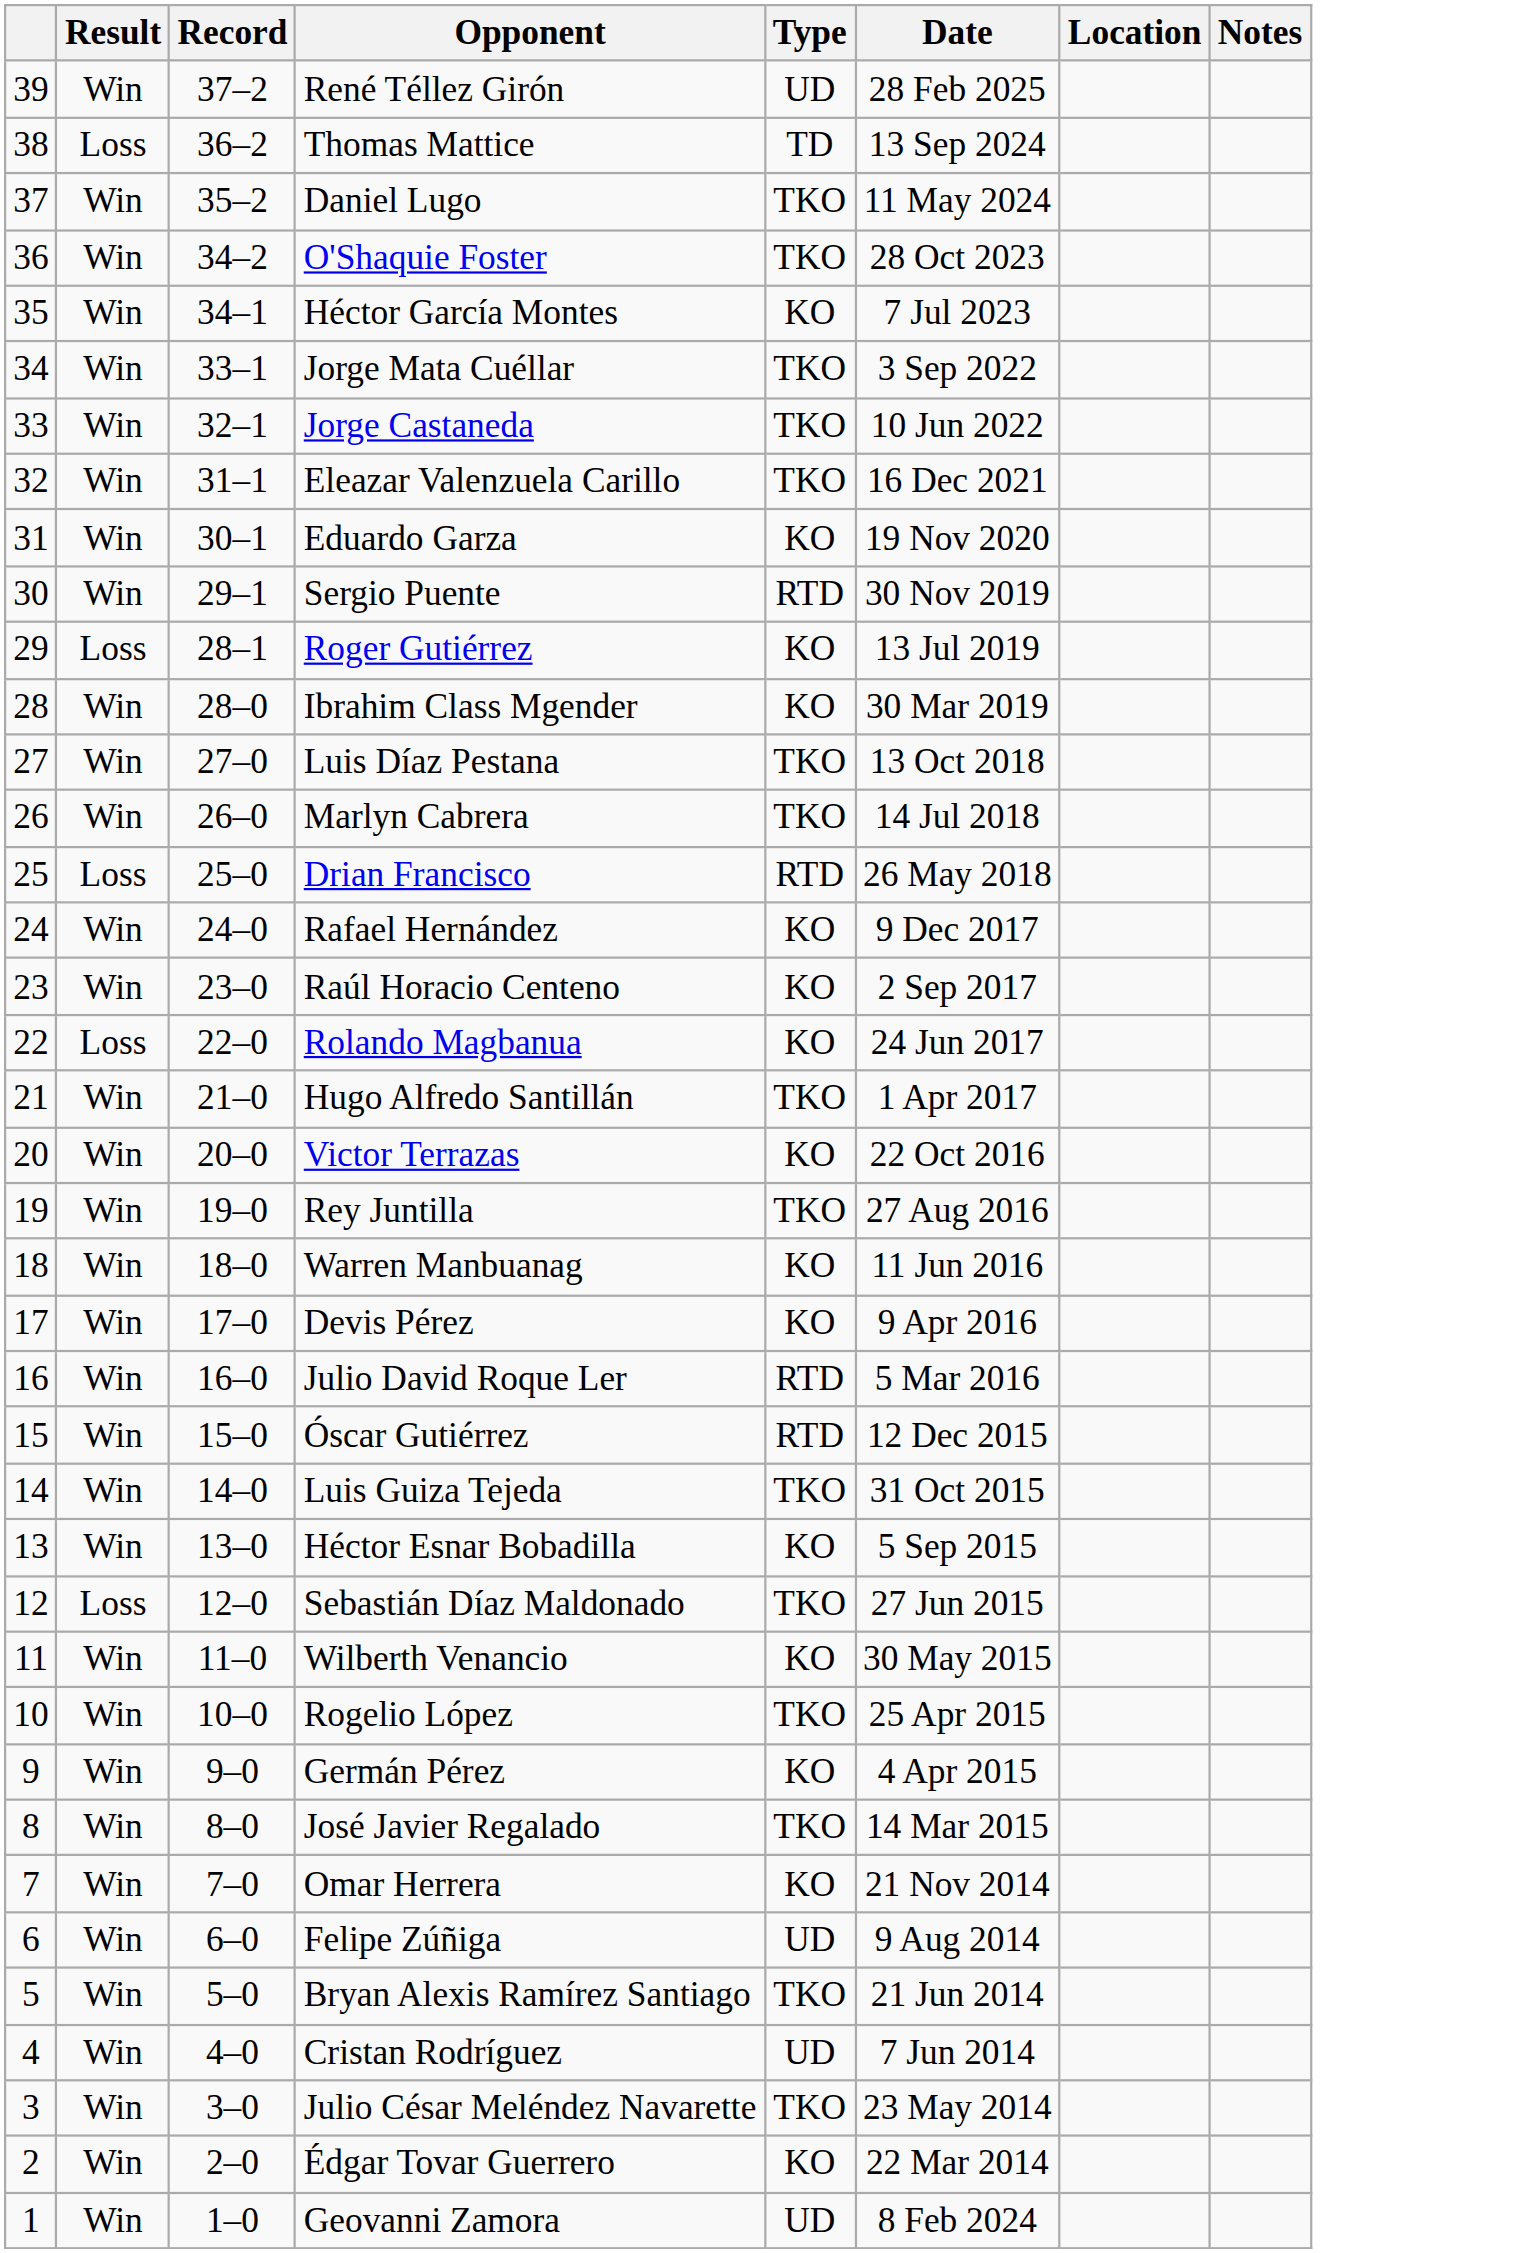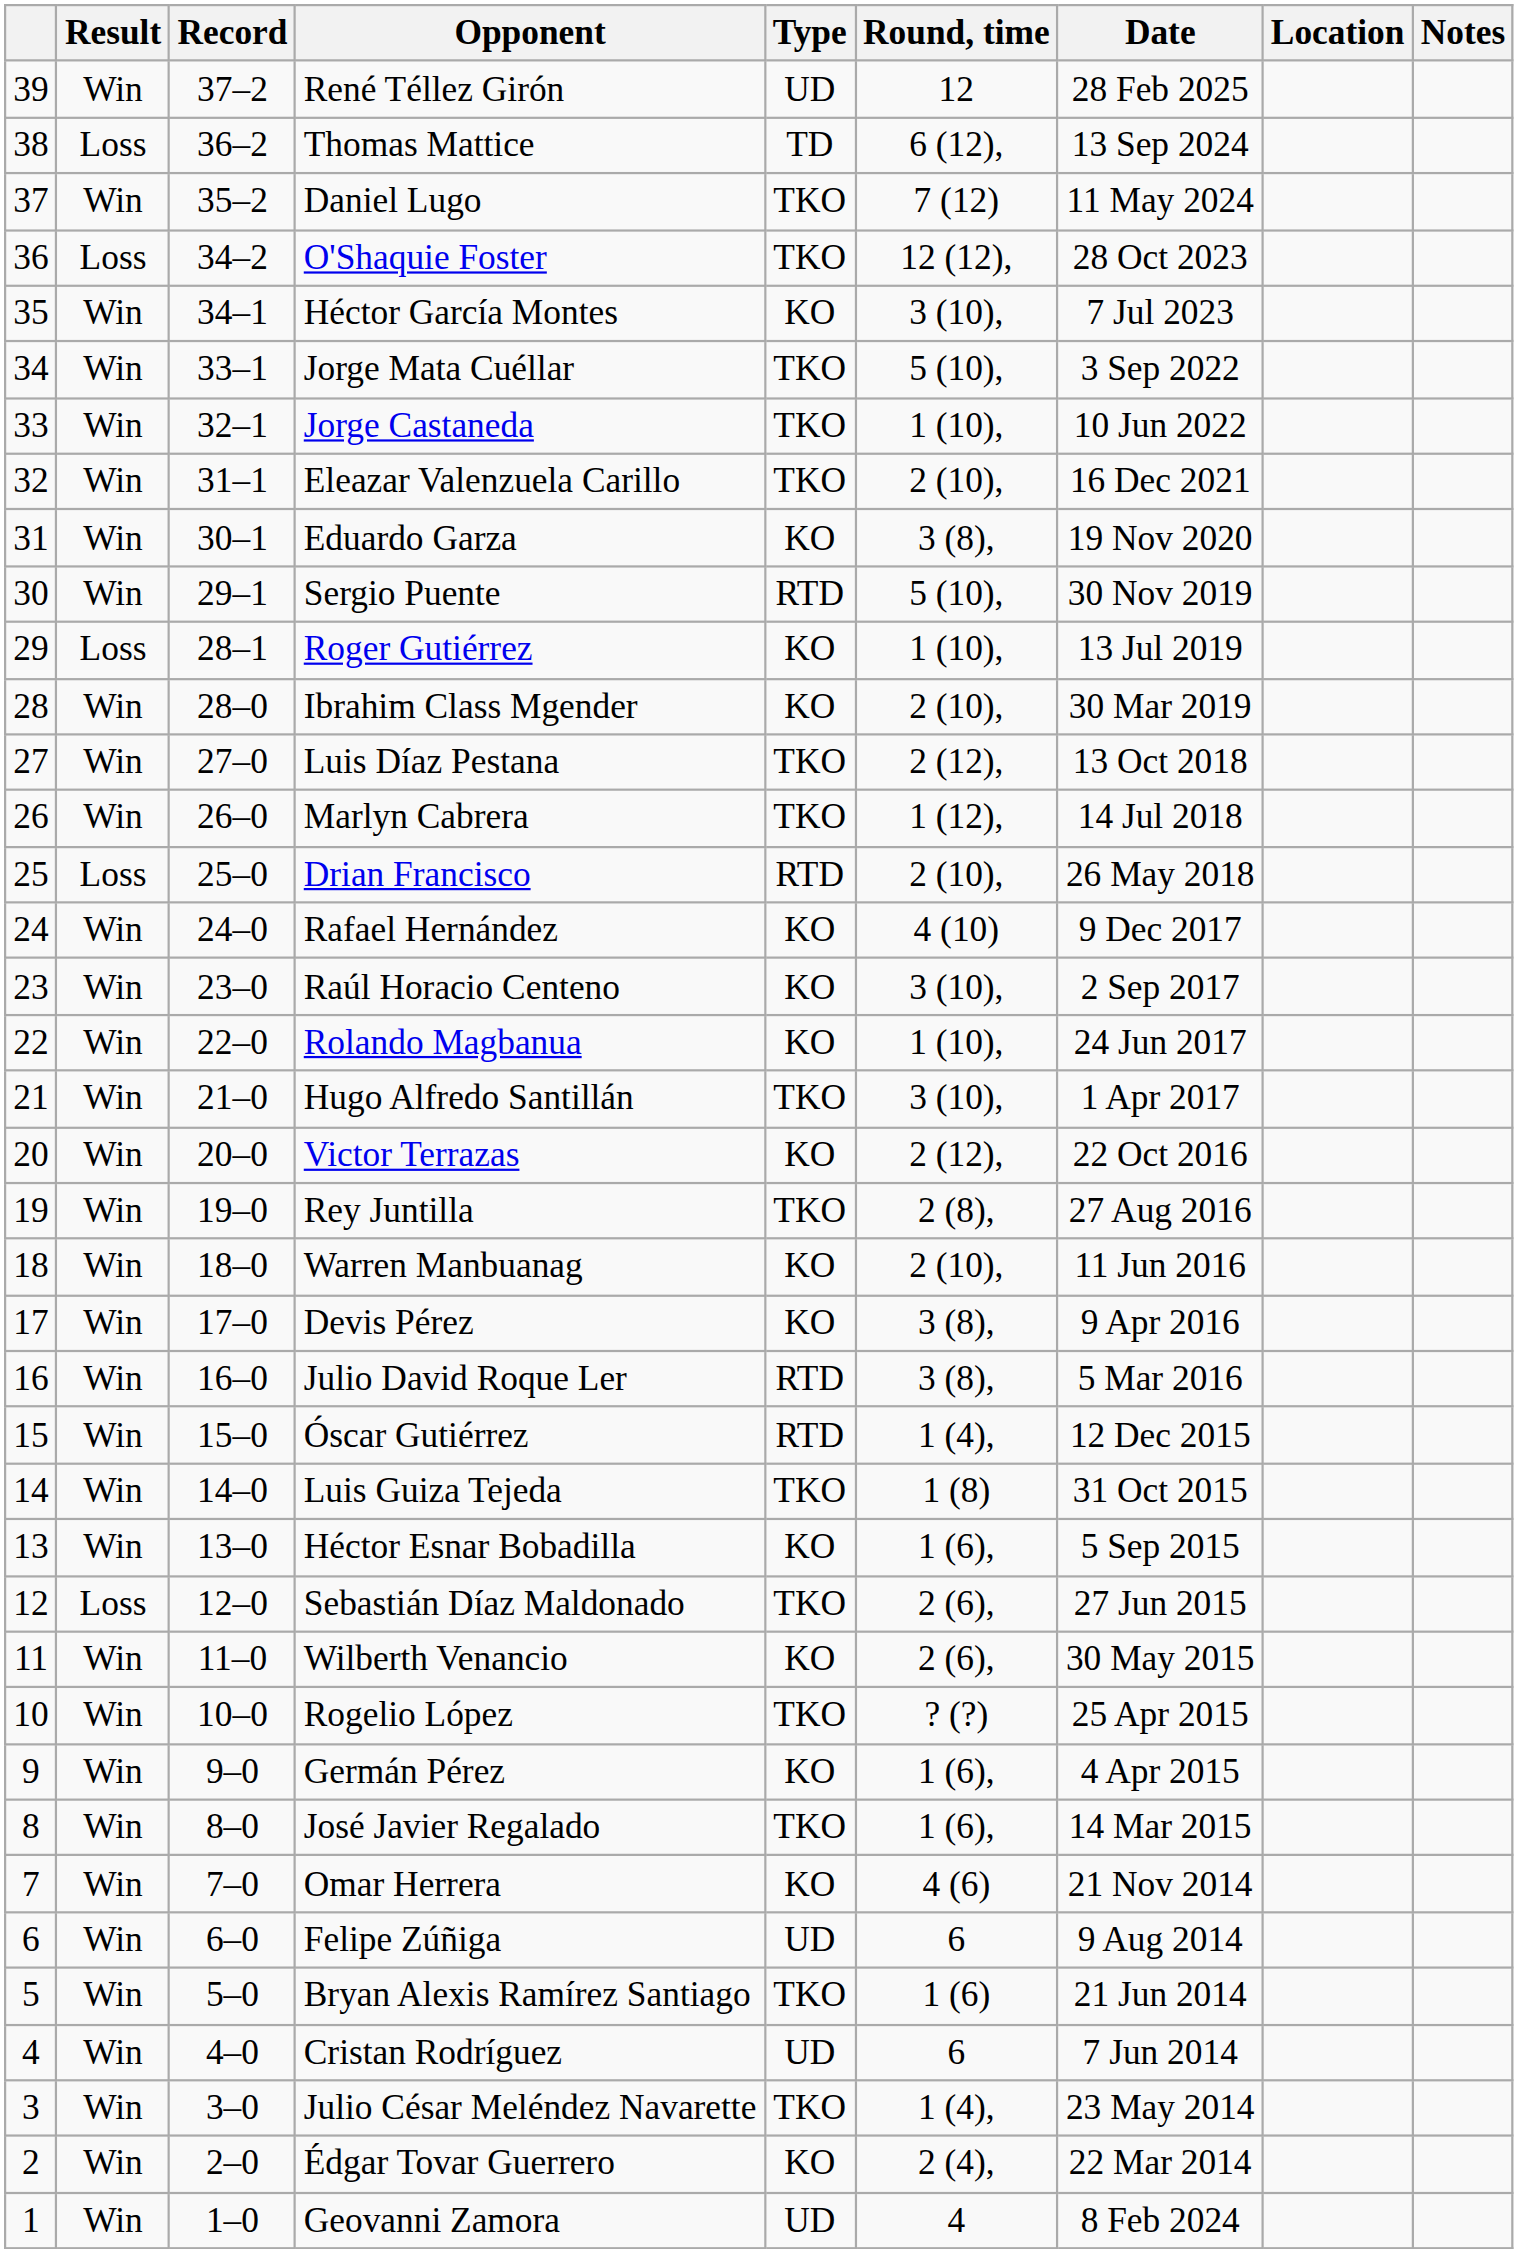 <table class="wikitable" style="text-align:center">
 <tr>
 <th></th>
 <th>Result</th>
 <th>Record</th>
 <th>Opponent</th>
 <th>Type</th>
+<th>Round, time</th>
 <th>Date</th>
 <th>Location</th>
 <th>Notes</th>
 </tr>
 <tr>
 <td>39</td>
 <td>Win</td>
 <td>37–2</td>
 <td style="text-align:left;">René Téllez Girón</td>
 <td>UD</td>
+<td>12</td>
 <td>28 Feb 2025</td>
 <td style="text-align:left;"></td>
 <td></td>
 </tr>
 <tr>
 <td>38</td>
 <td>Loss</td>
 <td>36–2</td>
 <td style="text-align:left;">Thomas Mattice</td>
 <td>TD</td>
+<td>6 (12), </td>
 <td>13 Sep 2024</td>
 <td style="text-align:left;"></td>
 <td style="text-align:left;"></td>
 </tr>
 <tr>
 <td>37</td>
 <td>Win</td>
 <td>35–2</td>
 <td style="text-align:left;">Daniel Lugo</td>
 <td>TKO</td>
+<td>7 (12)</td>
 <td>11 May 2024</td>
 <td style="text-align:left;"></td>
 <td style="text-align:left;"></td>
 </tr>
 <tr>
 <td>36</td>
-<td>Win</td>
+<td>Loss</td>
 <td>34–2</td>
 <td style="text-align:left;"><a href='#'>O'Shaquie Foster</a></td>
 <td>TKO</td>
+<td>12 (12), </td>
 <td>28 Oct 2023</td>
 <td style="text-align:left;"></td>
 <td style="text-align:left;"></td>
 </tr>
 <tr>
 <td>35</td>
 <td>Win</td>
 <td>34–1</td>
 <td style="text-align:left;">Héctor García Montes</td>
 <td>KO</td>
+<td>3 (10), </td>
 <td>7 Jul 2023</td>
 <td style="text-align:left;"></td>
 <td></td>
 </tr>
 <tr>
 <td>34</td>
 <td>Win</td>
 <td>33–1</td>
 <td style="text-align:left;">Jorge Mata Cuéllar</td>
 <td>TKO</td>
+<td>5 (10), </td>
 <td>3 Sep 2022</td>
 <td style="text-align:left;"></td>
 <td style="text-align:left;"></td>
 </tr>
 <tr>
 <td>33</td>
 <td>Win</td>
 <td>32–1</td>
 <td style="text-align:left;"><a href='#'>Jorge Castaneda</a></td>
 <td>TKO</td>
+<td>1 (10), </td>
 <td>10 Jun 2022</td>
 <td style="text-align:left;"></td>
 <td style="text-align:left;"></td>
 </tr>
 <tr>
 <td>32</td>
 <td>Win</td>
 <td>31–1</td>
 <td style="text-align:left;">Eleazar Valenzuela Carillo</td>
 <td>TKO</td>
+<td>2 (10), </td>
 <td>16 Dec 2021</td>
 <td style="text-align:left;"></td>
 <td></td>
 </tr>
 <tr>
 <td>31</td>
 <td>Win</td>
 <td>30–1</td>
 <td style="text-align:left;">Eduardo Garza</td>
 <td>KO</td>
+<td>3 (8), </td>
 <td>19 Nov 2020</td>
 <td style="text-align:left;"></td>
 <td></td>
 </tr>
 <tr>
 <td>30</td>
 <td>Win</td>
 <td>29–1</td>
 <td style="text-align:left;">Sergio Puente</td>
 <td>RTD</td>
+<td>5 (10), </td>
 <td>30 Nov 2019</td>
 <td style="text-align:left;"></td>
 <td></td>
 </tr>
 <tr>
 <td>29</td>
 <td>Loss</td>
 <td>28–1</td>
 <td style="text-align:left;"><a href='#'>Roger Gutiérrez</a></td>
 <td>KO</td>
+<td>1 (10), </td>
 <td>13 Jul 2019</td>
 <td style="text-align:left;"></td>
 <td></td>
 </tr>
 <tr>
 <td>28</td>
 <td>Win</td>
 <td>28–0</td>
 <td style="text-align:left;">Ibrahim Class Mgender</td>
 <td>KO</td>
+<td>2 (10), </td>
 <td>30 Mar 2019</td>
 <td style="text-align:left;"></td>
 <td></td>
 </tr>
 <tr>
 <td>27</td>
 <td>Win</td>
 <td>27–0</td>
 <td style="text-align:left;">Luis Díaz Pestana</td>
 <td>TKO</td>
+<td>2 (12), </td>
 <td>13 Oct 2018</td>
 <td style="text-align:left;"></td>
 <td style="text-align:left;"></td>
 </tr>
 <tr>
 <td>26</td>
 <td>Win</td>
 <td>26–0</td>
 <td style="text-align:left;">Marlyn Cabrera</td>
 <td>TKO</td>
+<td>1 (12), </td>
 <td>14 Jul 2018</td>
 <td style="text-align:left;"></td>
 <td style="text-align:left;"></td>
 </tr>
 <tr>
 <td>25</td>
 <td>Loss</td>
 <td>25–0</td>
 <td style="text-align:left;"><a href='#'>Drian Francisco</a></td>
 <td>RTD</td>
+<td>2 (10), </td>
 <td>26 May 2018</td>
 <td style="text-align:left;"></td>
 <td></td>
 </tr>
 <tr>
 <td>24</td>
 <td>Win</td>
 <td>24–0</td>
 <td style="text-align:left;">Rafael Hernández</td>
 <td>KO</td>
+<td>4 (10)</td>
 <td>9 Dec 2017</td>
 <td style="text-align:left;"></td>
 <td style="text-align:left;"></td>
 </tr>
 <tr>
 <td>23</td>
 <td>Win</td>
 <td>23–0</td>
 <td style="text-align:left;">Raúl Horacio Centeno</td>
 <td>KO</td>
+<td>3 (10), </td>
 <td>2 Sep 2017</td>
 <td style="text-align:left;"></td>
 <td style="text-align:left;"></td>
 </tr>
 <tr>
 <td>22</td>
-<td>Loss</td>
+<td>Win</td>
 <td>22–0</td>
 <td style="text-align:left;"><a href='#'>Rolando Magbanua</a></td>
 <td>KO</td>
+<td>1 (10), </td>
 <td>24 Jun 2017</td>
 <td style="text-align:left;"></td>
 <td style="text-align:left;"></td>
 </tr>
 <tr>
 <td>21</td>
 <td>Win</td>
 <td>21–0</td>
 <td style="text-align:left;">Hugo Alfredo Santillán</td>
 <td>TKO</td>
+<td>3 (10), </td>
 <td>1 Apr 2017</td>
 <td style="text-align:left;"></td>
 <td style="text-align:left;"></td>
 </tr>
 <tr>
 <td>20</td>
 <td>Win</td>
 <td>20–0</td>
 <td style="text-align:left;"><a href='#'>Victor Terrazas</a></td>
 <td>KO</td>
+<td>2 (12), </td>
 <td>22 Oct 2016</td>
 <td style="text-align:left;"></td>
 <td style="text-align:left;"></td>
 </tr>
 <tr>
 <td>19</td>
 <td>Win</td>
 <td>19–0</td>
 <td style="text-align:left;">Rey Juntilla</td>
 <td>TKO</td>
+<td>2 (8), </td>
 <td>27 Aug 2016</td>
 <td style="text-align:left;"></td>
 <td></td>
 </tr>
 <tr>
 <td>18</td>
 <td>Win</td>
 <td>18–0</td>
 <td style="text-align:left;">Warren Manbuanag</td>
 <td>KO</td>
+<td>2 (10), </td>
 <td>11 Jun 2016</td>
 <td style="text-align:left;"></td>
 <td></td>
 </tr>
 <tr>
 <td>17</td>
 <td>Win</td>
 <td>17–0</td>
 <td style="text-align:left;">Devis Pérez</td>
 <td>KO</td>
+<td>3 (8), </td>
 <td>9 Apr 2016</td>
 <td style="text-align:left;"></td>
 <td></td>
 </tr>
 <tr>
 <td>16</td>
 <td>Win</td>
 <td>16–0</td>
 <td style="text-align:left;">Julio David Roque Ler</td>
 <td>RTD</td>
+<td>3 (8), </td>
 <td>5 Mar 2016</td>
 <td style="text-align:left;"></td>
 <td></td>
 </tr>
 <tr>
 <td>15</td>
 <td>Win</td>
 <td>15–0</td>
 <td style="text-align:left;">Óscar Gutiérrez</td>
 <td>RTD</td>
+<td>1 (4), </td>
 <td>12 Dec 2015</td>
 <td style="text-align:left;"></td>
 <td></td>
 </tr>
 <tr>
 <td>14</td>
 <td>Win</td>
 <td>14–0</td>
 <td style="text-align:left;">Luis Guiza Tejeda</td>
 <td>TKO</td>
+<td>1 (8)</td>
 <td>31 Oct 2015</td>
 <td style="text-align:left;"></td>
 <td></td>
 </tr>
 <tr>
 <td>13</td>
 <td>Win</td>
 <td>13–0</td>
 <td style="text-align:left;">Héctor Esnar Bobadilla</td>
 <td>KO</td>
+<td>1 (6), </td>
 <td>5 Sep 2015</td>
 <td style="text-align:left;"></td>
 <td></td>
 </tr>
 <tr>
 <td>12</td>
 <td>Loss</td>
 <td>12–0</td>
 <td style="text-align:left;">Sebastián Díaz Maldonado</td>
 <td>TKO</td>
+<td>2 (6), </td>
 <td>27 Jun 2015</td>
 <td style="text-align:left;"></td>
 <td></td>
 </tr>
 <tr>
 <td>11</td>
 <td>Win</td>
 <td>11–0</td>
 <td style="text-align:left;">Wilberth Venancio</td>
 <td>KO</td>
+<td>2 (6), </td>
 <td>30 May 2015</td>
 <td style="text-align:left;"></td>
 <td></td>
 </tr>
 <tr>
 <td>10</td>
 <td>Win</td>
 <td>10–0</td>
 <td style="text-align:left;">Rogelio López</td>
 <td>TKO</td>
+<td>? (?)</td>
 <td>25 Apr 2015</td>
 <td style="text-align:left;"></td>
 <td></td>
 </tr>
 <tr>
 <td>9</td>
 <td>Win</td>
 <td>9–0</td>
 <td style="text-align:left;">Germán Pérez</td>
 <td>KO</td>
+<td>1 (6), </td>
 <td>4 Apr 2015</td>
 <td style="text-align:left;"></td>
 <td></td>
 </tr>
 <tr>
 <td>8</td>
 <td>Win</td>
 <td>8–0</td>
 <td style="text-align:left;">José Javier Regalado</td>
 <td>TKO</td>
+<td>1 (6), </td>
 <td>14 Mar 2015</td>
 <td style="text-align:left;"></td>
 <td></td>
 </tr>
 <tr>
 <td>7</td>
 <td>Win</td>
 <td>7–0</td>
 <td style="text-align:left;">Omar Herrera</td>
 <td>KO</td>
+<td>4 (6)</td>
 <td>21 Nov 2014</td>
 <td style="text-align:left;"></td>
 <td></td>
 </tr>
 <tr>
 <td>6</td>
 <td>Win</td>
 <td>6–0</td>
 <td style="text-align:left;">Felipe Zúñiga</td>
 <td>UD</td>
+<td>6</td>
 <td>9 Aug 2014</td>
 <td style="text-align:left;"></td>
 <td></td>
 </tr>
 <tr>
 <td>5</td>
 <td>Win</td>
 <td>5–0</td>
 <td style="text-align:left;">Bryan Alexis Ramírez Santiago</td>
 <td>TKO</td>
+<td>1 (6)</td>
 <td>21 Jun 2014</td>
 <td style="text-align:left;"></td>
 <td></td>
 </tr>
 <tr>
 <td>4</td>
 <td>Win</td>
 <td>4–0</td>
 <td style="text-align:left;">Cristan Rodríguez</td>
 <td>UD</td>
+<td>6</td>
 <td>7 Jun 2014</td>
 <td style="text-align:left;"></td>
 <td></td>
 </tr>
 <tr>
 <td>3</td>
 <td>Win</td>
 <td>3–0</td>
 <td style="text-align:left;">Julio César Meléndez Navarette</td>
 <td>TKO</td>
+<td>1 (4), </td>
 <td>23 May 2014</td>
 <td style="text-align:left;"></td>
 <td></td>
 </tr>
 <tr>
 <td>2</td>
 <td>Win</td>
 <td>2–0</td>
 <td style="text-align:left;">Édgar Tovar Guerrero</td>
 <td>KO</td>
+<td>2 (4), </td>
 <td>22 Mar 2014</td>
 <td style="text-align:left;"></td>
 <td></td>
 </tr>
 <tr>
 <td>1</td>
 <td>Win</td>
 <td>1–0</td>
 <td style="text-align:left;">Geovanni Zamora</td>
 <td>UD</td>
+<td>4</td>
 <td>8 Feb 2024</td>
 <td style="text-align:left;"></td>
 <td></td>
 </tr>
 </table>
